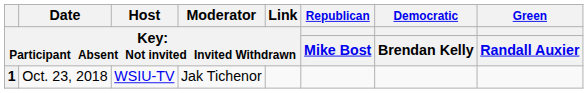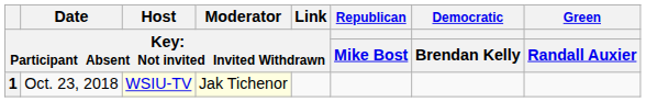 <table class="wikitable" style="text-align:center;">
 <tr>
 <th scope="col"></th>
 <th scope="col">Date</th>
 <th scope="col">Host</th>
 <th scope="col">Moderator</th>
 <th scope="col">Link</th>
 <th scope="col"><small><a href='#'>Republican</a></small></th>
 <th scope="col"><small><a href='#'>Democratic</a></small></th>
 <th scope="col"><small><a href='#'>Green</a></small></th>
 </tr>
 <tr>
 <th colspan="5" rowspan="2">Key:<br> <small>Participant </small>  <small>Absent </small>  <small>Not invited </small>  <small>Invited  Withdrawn</small></th>
 <th scope="col" style="background:"></th>
 <th scope="col" style="background:"></th>
 <th scope="col" style="background:"></th>
 </tr>
 <tr>
 <th scope="col"><a href='#'>Mike Bost</a></th>
 <th scope="col">Brendan Kelly</th>
 <th scope="col"><a href='#'>Randall Auxier</a></th>
 </tr>
 <tr>
 <th>1</th>
 <td style="white-space:nowrap;">Oct. 23, 2018</td>
-<td style="white-space:nowrap;"><a href='#'>WSIU-TV</a></td>
-<td style="white-space:nowrap;">Jak Tichenor</td>
+<td style="background: lightyellow; white-space:nowrap;"><a href='#'>WSIU-TV</a></td>
+<td style="background: lightyellow; white-space:nowrap;">Jak Tichenor</td>
 <td style="white-space:nowrap;"></td>
 <td></td>
 <td></td>
 <td></td>
 </tr>
 </table>
